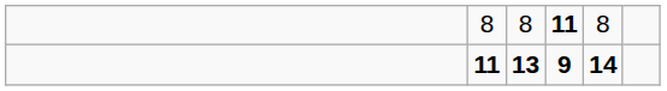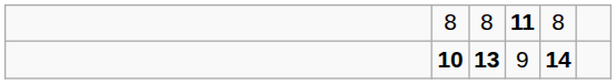 <table class="wikitable">
 <tr>
 <td style="width:18em"></td>
 <td align=center style="width:1em">8</td>
 <td align=center style="width:1em">8</td>
 <td align=center style="width:1em"><strong>11</strong></td>
 <td align=center style="width:1em">8</td>
 <td align=center style="width:1em"></td>
 </tr>
 <tr>
 <td style="width:18em"></td>
-<td align=center style="width:1em"><strong>11</strong></td>
+<td align=center style="width:1em"><strong>10</strong></td>
 <td align=center style="width:1em"><strong>13</strong></td>
-<td align=center style="width:1em"><strong>9</strong></td>
+<td align=center style="width:1em">9</td>
 <td align=center style="width:1em"><strong>14</strong></td>
 <td align=center style="width:1em"></td>
 </tr>
 </table>
